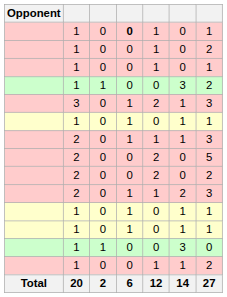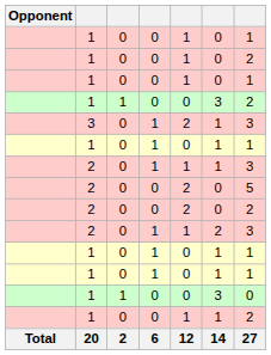 <table class="wikitable sortable" style="text-align: center;">
 <tr>
 <th width="30">Opponent</th>
 <th width="30"></th>
 <th width="30"></th>
 <th width="30"></th>
 <th width="30"></th>
 <th width="30"></th>
 <th width="30"></th>
 </tr>
 <tr bgcolor=#FFCCCC>
 <td align="left"></td>
 <td>1</td>
 <td>0</td>
-<td><strong>0</strong></td>
+<td>0</td>
 <td>1</td>
 <td>0</td>
 <td>1</td>
 </tr>
 <tr bgcolor=#FFCCCC>
 <td align="left"></td>
 <td>1</td>
 <td>0</td>
 <td>0</td>
 <td>1</td>
 <td>0</td>
 <td>2</td>
 </tr>
 <tr bgcolor=#FFCCCC>
 <td align="left"></td>
 <td>1</td>
 <td>0</td>
 <td>0</td>
 <td>1</td>
 <td>0</td>
 <td>1</td>
 </tr>
 <tr bgcolor=#CCFFCC>
 <td align="left"></td>
 <td>1</td>
 <td>1</td>
 <td>0</td>
 <td>0</td>
 <td>3</td>
 <td>2</td>
 </tr>
 <tr bgcolor=#FFCCCC>
 <td align="left"></td>
 <td>3</td>
 <td>0</td>
 <td>1</td>
 <td>2</td>
 <td>1</td>
 <td>3</td>
 </tr>
 <tr bgcolor=#FFFFCC>
 <td align="left"></td>
 <td>1</td>
 <td>0</td>
 <td>1</td>
 <td>0</td>
 <td>1</td>
 <td>1</td>
 </tr>
 <tr bgcolor=#FFCCCC>
 <td align="left"></td>
 <td>2</td>
 <td>0</td>
 <td>1</td>
 <td>1</td>
 <td>1</td>
 <td>3</td>
 </tr>
 <tr bgcolor=#FFCCCC>
 <td align="left"></td>
 <td>2</td>
 <td>0</td>
 <td>0</td>
 <td>2</td>
 <td>0</td>
 <td>5</td>
 </tr>
 <tr bgcolor=#FFCCCC>
 <td align="left"></td>
 <td>2</td>
 <td>0</td>
 <td>0</td>
 <td>2</td>
 <td>0</td>
 <td>2</td>
 </tr>
 <tr bgcolor=#FFCCCC>
 <td align="left"></td>
 <td>2</td>
 <td>0</td>
 <td>1</td>
 <td>1</td>
 <td>2</td>
 <td>3</td>
 </tr>
 <tr bgcolor=#FFFFCC>
 <td align="left"></td>
 <td>1</td>
 <td>0</td>
 <td>1</td>
 <td>0</td>
 <td>1</td>
 <td>1</td>
 </tr>
 <tr bgcolor=#FFFFCC>
 <td align="left"></td>
 <td>1</td>
 <td>0</td>
 <td>1</td>
 <td>0</td>
 <td>1</td>
 <td>1</td>
 </tr>
 <tr bgcolor=#CCFFCC>
 <td align="left"></td>
 <td>1</td>
 <td>1</td>
 <td>0</td>
 <td>0</td>
 <td>3</td>
 <td>0</td>
 </tr>
 <tr bgcolor=#FFCCCC>
 <td align="left"></td>
 <td>1</td>
 <td>0</td>
 <td>0</td>
 <td>1</td>
 <td>1</td>
 <td>2</td>
 </tr>
 <tr>
 <th>Total</th>
 <th>20</th>
 <th>2</th>
 <th>6</th>
 <th>12</th>
 <th>14</th>
 <th>27</th>
 </tr>
 </table>
